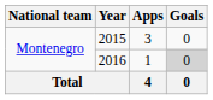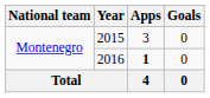 <table class="wikitable" style="text-align:center">
 <tr>
 <th>National team</th>
 <th>Year</th>
 <th>Apps</th>
 <th>Goals</th>
 </tr>
 <tr>
 <td rowspan="2"><a href='#'>Montenegro</a></td>
 <td>2015</td>
 <td>3</td>
 <td>0</td>
 </tr>
 <tr>
 <td>2016</td>
-<td>1</td>
-<td style="background: lightgrey;">0</td>
+<td><strong>1</strong></td>
+<td>0</td>
 </tr>
 <tr>
 <th colspan="2">Total</th>
 <th>4</th>
 <th>0</th>
 </tr>
 </table>
